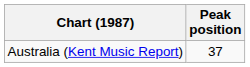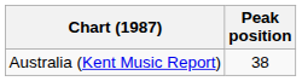 <table class="wikitable">
 <tr>
 <th scope="col">Chart (1987)</th>
 <th>Peak<br>position</th>
 </tr>
 <tr>
 <td>Australia (<a href='#'>Kent Music Report</a>)</td>
-<td style="text-align:center;">37</td>
+<td style="text-align:center;">38</td>
 </tr>
 </table>
